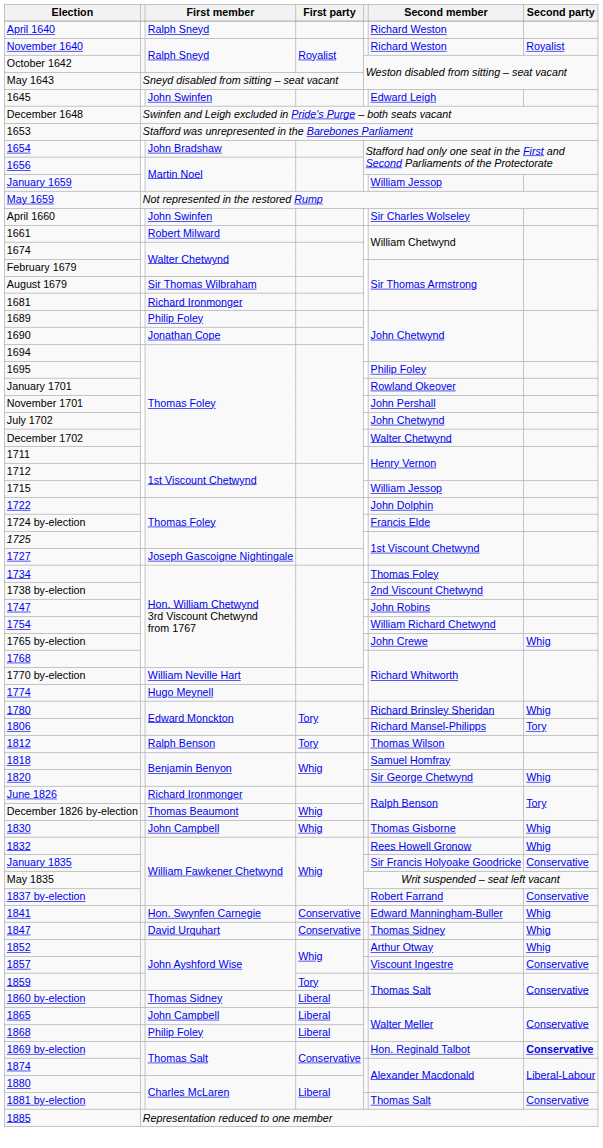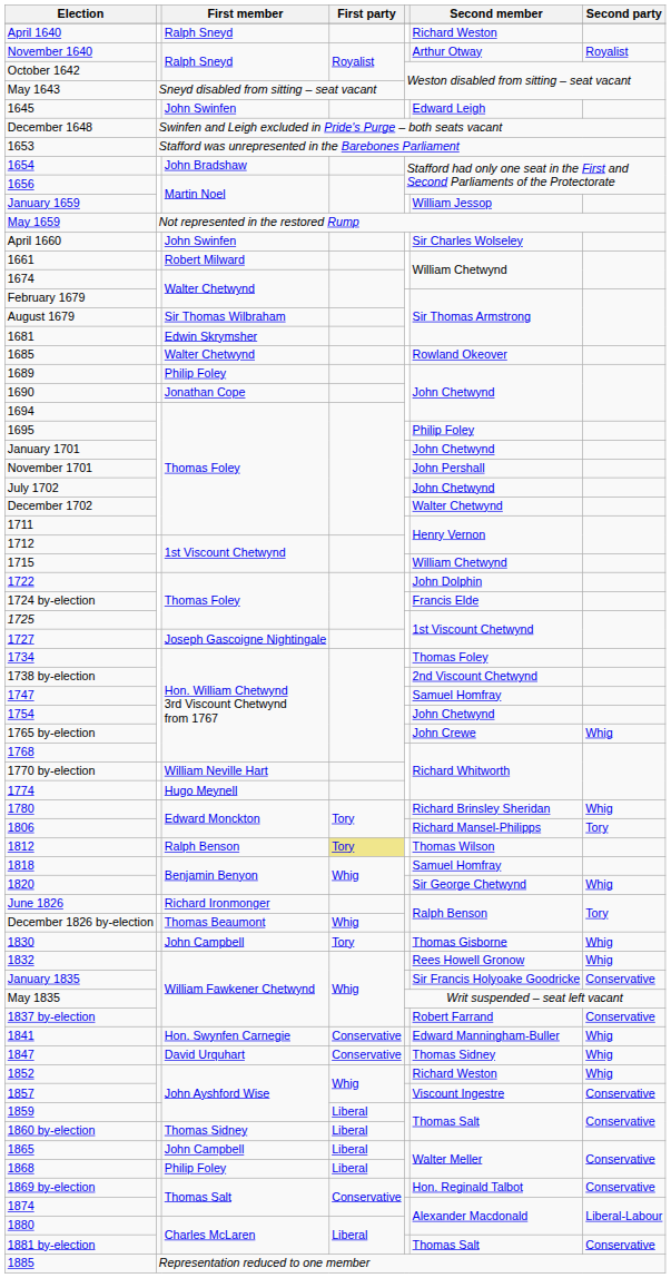 <table class="wikitable">
 <tr>
 <th>Election</th>
 <th></th>
 <th>First member</th>
 <th>First party</th>
 <th></th>
 <th>Second member</th>
 <th>Second party</th>
 </tr>
 <tr>
 </tr>
 <tr>
 <td><a href='#'>April 1640</a></td>
 <td style="color:inherit;background-color: white"></td>
 <td><a href='#'>Ralph Sneyd</a></td>
 <td></td>
 <td style="color:inherit;background-color: white"></td>
 <td><a href='#'>Richard Weston</a></td>
 <td></td>
 </tr>
 <tr>
 <td><a href='#'>November 1640</a></td>
 <td rowspan="2" style="color:inherit;background-color: "></td>
 <td rowspan="2"><a href='#'>Ralph Sneyd</a></td>
 <td rowspan="2"><a href='#'>Royalist</a></td>
 <td style="color:inherit;background-color: "></td>
-<td><a href='#'>Richard Weston</a></td>
+<td><a href='#'>Arthur Otway</a></td>
 <td><a href='#'>Royalist</a></td>
 </tr>
 <tr>
 <td>October 1642</td>
 <td colspan="3" rowspan="2"><em>Weston disabled from sitting – seat vacant</em></td>
 </tr>
 <tr>
 <td>May 1643</td>
 <td colspan="3"><em>Sneyd disabled from sitting – seat vacant</em></td>
 </tr>
 <tr>
 <td>1645</td>
 <td style="color:inherit;background-color: white"></td>
 <td><a href='#'>John Swinfen</a></td>
 <td></td>
 <td style="color:inherit;background-color: white"></td>
 <td><a href='#'>Edward Leigh</a></td>
 <td></td>
 </tr>
 <tr>
 <td>December 1648</td>
 <td colspan="6"><em>Swinfen and Leigh excluded in <a href='#'>Pride's Purge</a> – both seats vacant</em></td>
 </tr>
 <tr>
 <td>1653</td>
 <td colspan="6"><em>Stafford was unrepresented in the <a href='#'>Barebones Parliament</a></em></td>
 </tr>
 <tr>
 <td><a href='#'>1654</a></td>
 <td style="color:inherit;background-color: white"></td>
 <td><a href='#'>John Bradshaw</a></td>
 <td></td>
 <td rowspan="2" colspan="3"><em>Stafford had only one seat in the <a href='#'>First</a> and <br><a href='#'>Second</a> Parliaments of the Protectorate</em></td>
 </tr>
 <tr>
 <td><a href='#'>1656</a></td>
 <td rowspan="2" style="color:inherit;background-color: white"></td>
 <td rowspan="2"><a href='#'>Martin Noel</a></td>
 <td rowspan="2"></td>
 </tr>
 <tr>
 <td><a href='#'>January 1659</a></td>
 <td style="color:inherit;background-color: white"></td>
 <td><a href='#'>William Jessop</a></td>
 <td></td>
 </tr>
 <tr>
 <td><a href='#'>May 1659</a></td>
 <td colspan="6"><em>Not represented in the restored <a href='#'>Rump</a></em></td>
 </tr>
 <tr>
 <td>April 1660</td>
 <td style="color:inherit;background-color: white"></td>
 <td><a href='#'>John Swinfen</a></td>
 <td></td>
 <td style="color:inherit;background-color: white"></td>
 <td><a href='#'>Sir Charles Wolseley</a></td>
 <td></td>
 </tr>
 <tr>
 <td>1661</td>
 <td style="color:inherit;background-color: white"></td>
 <td><a href='#'>Robert Milward</a></td>
 <td></td>
 <td rowspan="2" style="color:inherit;background-color: white"></td>
 <td rowspan="2">William Chetwynd</td>
 <td rowspan="2"></td>
 </tr>
 <tr>
 <td>1674</td>
 <td rowspan="2" style="color:inherit;background-color: white"></td>
 <td rowspan="2"><a href='#'>Walter Chetwynd</a></td>
 <td rowspan="2"></td>
 </tr>
 <tr>
 <td>February 1679</td>
 <td rowspan="3" style="color:inherit;background-color: white"></td>
 <td rowspan="3"><a href='#'>Sir Thomas Armstrong</a></td>
 <td rowspan="3"></td>
 </tr>
 <tr>
 <td>August 1679</td>
 <td style="color:inherit;background-color: white"></td>
 <td><a href='#'>Sir Thomas Wilbraham</a></td>
 <td></td>
 </tr>
 <tr>
 <td>1681</td>
 <td style="color:inherit;background-color: white"></td>
-<td><a href='#'>Richard Ironmonger</a></td>
+<td><a href='#'>Edwin Skrymsher</a></td>
+<td></td>
+</tr>
+<tr>
+<td>1685</td>
+<td style="color:inherit;background-color: white"></td>
+<td><a href='#'>Walter Chetwynd</a></td>
+<td></td>
+<td style="color:inherit;background-color: white"></td>
+<td><a href='#'>Rowland Okeover</a></td>
 <td></td>
 </tr>
 <tr>
 <td>1689</td>
 <td style="color:inherit;background-color: white"></td>
 <td><a href='#'>Philip Foley</a></td>
 <td></td>
 <td rowspan="3" style="color:inherit;background-color: white"></td>
 <td rowspan="3"><a href='#'>John Chetwynd</a></td>
 <td rowspan="3"></td>
 </tr>
 <tr>
 <td>1690</td>
 <td style="color:inherit;background-color: white"></td>
 <td><a href='#'>Jonathan Cope</a></td>
 <td></td>
 </tr>
 <tr>
 <td>1694</td>
 <td rowspan="7" style="color:inherit;background-color: white"></td>
 <td rowspan="7"><a href='#'>Thomas Foley</a></td>
 <td rowspan="7"></td>
 </tr>
 <tr>
 <td>1695</td>
 <td style="color:inherit;background-color: white"></td>
 <td><a href='#'>Philip Foley</a></td>
 <td></td>
 </tr>
 <tr>
 <td>January 1701</td>
 <td style="color:inherit;background-color: white"></td>
-<td><a href='#'>Rowland Okeover</a></td>
+<td><a href='#'>John Chetwynd</a></td>
 <td></td>
 </tr>
 <tr>
 <td>November 1701</td>
 <td style="color:inherit;background-color: white"></td>
 <td><a href='#'>John Pershall</a></td>
 <td></td>
 </tr>
 <tr>
 <td>July 1702</td>
 <td style="color:inherit;background-color: white"></td>
 <td><a href='#'>John Chetwynd</a></td>
 <td></td>
 </tr>
 <tr>
 <td>December 1702</td>
 <td style="color:inherit;background-color: white"></td>
 <td><a href='#'>Walter Chetwynd</a></td>
 <td></td>
 </tr>
 <tr>
 <td>1711</td>
 <td rowspan="2" style="color:inherit;background-color: white"></td>
 <td rowspan="2"><a href='#'>Henry Vernon</a></td>
 <td rowspan="2"></td>
 </tr>
 <tr>
 <td>1712</td>
 <td rowspan="2" style="color:inherit;background-color: white"></td>
 <td rowspan="2"><a href='#'>1st Viscount Chetwynd</a></td>
 <td rowspan="2"></td>
 </tr>
 <tr>
 <td>1715</td>
 <td style="color:inherit;background-color: white"></td>
-<td><a href='#'>William Jessop</a></td>
+<td><a href='#'>William Chetwynd</a></td>
 <td></td>
 </tr>
 <tr>
 <td><a href='#'>1722</a></td>
 <td rowspan="3" style="color:inherit;background-color: white"></td>
 <td rowspan="3"><a href='#'>Thomas Foley</a></td>
 <td rowspan="3"></td>
 <td style="color:inherit;background-color: white"></td>
 <td><a href='#'>John Dolphin</a></td>
 <td></td>
 </tr>
 <tr>
 <td>1724 by-election</td>
 <td style="color:inherit;background-color: white"></td>
 <td><a href='#'>Francis Elde</a></td>
 <td></td>
 </tr>
 <tr>
 <td><em>1725</em></td>
 <td rowspan="2" style="color:inherit;background-color: white"></td>
 <td rowspan="2"><a href='#'>1st Viscount Chetwynd</a></td>
 <td rowspan="2"></td>
 </tr>
 <tr>
 <td><a href='#'>1727</a></td>
 <td style="color:inherit;background-color: white"></td>
 <td><a href='#'>Joseph Gascoigne Nightingale</a></td>
 <td></td>
 </tr>
 <tr>
 <td><a href='#'>1734</a></td>
 <td rowspan="6" style="color:inherit;background-color: white"></td>
 <td rowspan="6"><a href='#'>Hon. William Chetwynd</a> <br>3rd Viscount Chetwynd <br>from 1767</td>
 <td rowspan="6"></td>
 <td style="color:inherit;background-color: white"></td>
 <td><a href='#'>Thomas Foley</a></td>
 <td></td>
 </tr>
 <tr>
 <td>1738 by-election</td>
 <td style="color:inherit;background-color: white"></td>
 <td><a href='#'>2nd Viscount Chetwynd</a></td>
 <td></td>
 </tr>
 <tr>
 <td><a href='#'>1747</a></td>
 <td style="color:inherit;background-color: white"></td>
-<td><a href='#'>John Robins</a></td>
+<td><a href='#'>Samuel Homfray</a></td>
 <td></td>
 </tr>
 <tr>
 <td><a href='#'>1754</a></td>
 <td style="color:inherit;background-color: white"></td>
-<td><a href='#'>William Richard Chetwynd</a></td>
+<td><a href='#'>John Chetwynd</a></td>
 <td></td>
 </tr>
 <tr>
 <td>1765 by-election</td>
 <td style="color:inherit;background-color: "></td>
 <td><a href='#'>John Crewe</a></td>
 <td><a href='#'>Whig</a></td>
 </tr>
 <tr>
 <td><a href='#'>1768</a></td>
 <td rowspan="3" style="color:inherit;background-color: white"></td>
 <td rowspan="3"><a href='#'>Richard Whitworth</a></td>
 <td rowspan="3"></td>
 </tr>
 <tr>
 <td>1770 by-election</td>
 <td style="color:inherit;background-color: white"></td>
 <td><a href='#'>William Neville Hart</a></td>
 <td></td>
 </tr>
 <tr>
 <td><a href='#'>1774</a></td>
 <td style="color:inherit;background-color: white"></td>
 <td><a href='#'>Hugo Meynell</a></td>
 <td></td>
 </tr>
 <tr>
 <td><a href='#'>1780</a></td>
 <td rowspan="2" style="color:inherit;background-color: "></td>
 <td rowspan="2"><a href='#'>Edward Monckton</a></td>
 <td rowspan="2"><a href='#'>Tory</a></td>
 <td style="color:inherit;background-color: "></td>
 <td><a href='#'>Richard Brinsley Sheridan</a></td>
 <td><a href='#'>Whig</a></td>
 </tr>
 <tr>
 <td><a href='#'>1806</a></td>
 <td style="color:inherit;background-color: "></td>
 <td><a href='#'>Richard Mansel-Philipps</a></td>
 <td><a href='#'>Tory</a></td>
 </tr>
 <tr>
 <td><a href='#'>1812</a></td>
 <td style="color:inherit;background-color: "></td>
 <td><a href='#'>Ralph Benson</a></td>
-<td><a href='#'>Tory</a></td>
+<td style="background: khaki;"><a href='#'>Tory</a></td>
 <td style="color:inherit;background-color: white"></td>
 <td><a href='#'>Thomas Wilson</a></td>
 <td></td>
 </tr>
 <tr>
 <td><a href='#'>1818</a></td>
 <td rowspan="2" style="color:inherit;background-color: "></td>
 <td rowspan="2"><a href='#'>Benjamin Benyon</a></td>
 <td rowspan="2"><a href='#'>Whig</a></td>
 <td style="color:inherit;background-color: white"></td>
 <td><a href='#'>Samuel Homfray</a></td>
 <td></td>
 </tr>
 <tr>
 <td><a href='#'>1820</a></td>
 <td style="color:inherit;background-color: "></td>
 <td><a href='#'>Sir George Chetwynd</a></td>
 <td><a href='#'>Whig</a></td>
 </tr>
 <tr>
 <td><a href='#'>June 1826</a></td>
 <td style="color:inherit;background-color: white"></td>
 <td><a href='#'>Richard Ironmonger</a></td>
 <td></td>
 <td rowspan="2" style="color:inherit;background-color: "></td>
 <td rowspan="2"><a href='#'>Ralph Benson</a></td>
 <td rowspan="2"><a href='#'>Tory</a></td>
 </tr>
 <tr>
 <td>December 1826 by-election</td>
 <td style="color:inherit;background-color: "></td>
 <td><a href='#'>Thomas Beaumont</a></td>
 <td><a href='#'>Whig</a></td>
 </tr>
 <tr>
 <td><a href='#'>1830</a></td>
 <td style="color:inherit;background-color: "></td>
 <td><a href='#'>John Campbell</a></td>
-<td><a href='#'>Whig</a></td>
+<td><a href='#'>Tory</a></td>
 <td style="color:inherit;background-color: "></td>
 <td><a href='#'>Thomas Gisborne</a></td>
 <td><a href='#'>Whig</a></td>
 </tr>
 <tr>
 <td><a href='#'>1832</a></td>
 <td rowspan="4" style="color:inherit;background-color: "></td>
 <td rowspan="4"><a href='#'>William Fawkener Chetwynd</a></td>
 <td rowspan="4"><a href='#'>Whig</a></td>
 <td style="color:inherit;background-color: "></td>
 <td><a href='#'>Rees Howell Gronow</a></td>
 <td><a href='#'>Whig</a></td>
 </tr>
 <tr>
 <td><a href='#'>January 1835</a></td>
 <td style="color:inherit;background-color: "></td>
 <td><a href='#'>Sir Francis Holyoake Goodricke</a></td>
 <td><a href='#'>Conservative</a></td>
 </tr>
 <tr>
 <td>May 1835</td>
 <td colspan="3" align="center"><em>Writ suspended – seat left vacant</em></td>
 </tr>
 <tr>
 <td><a href='#'>1837 by-election</a></td>
 <td style="color:inherit;background-color: "></td>
 <td><a href='#'>Robert Farrand</a></td>
 <td><a href='#'>Conservative</a></td>
 </tr>
 <tr>
 <td><a href='#'>1841</a></td>
 <td style="color:inherit;background-color: "></td>
 <td><a href='#'>Hon. Swynfen Carnegie</a></td>
 <td><a href='#'>Conservative</a></td>
 <td style="color:inherit;background-color: "></td>
 <td><a href='#'>Edward Manningham-Buller</a></td>
 <td><a href='#'>Whig</a></td>
 </tr>
 <tr>
 <td><a href='#'>1847</a></td>
 <td style="color:inherit;background-color: "></td>
 <td><a href='#'>David Urquhart</a></td>
 <td><a href='#'>Conservative</a></td>
 <td style="color:inherit;background-color: "></td>
 <td><a href='#'>Thomas Sidney</a></td>
 <td><a href='#'>Whig</a></td>
 </tr>
 <tr>
 <td><a href='#'>1852</a></td>
 <td rowspan="2" style="color:inherit;background-color: "></td>
 <td rowspan="3"><a href='#'>John Ayshford Wise</a></td>
 <td rowspan="2"><a href='#'>Whig</a></td>
 <td style="color:inherit;background-color: "></td>
-<td><a href='#'>Arthur Otway</a></td>
+<td><a href='#'>Richard Weston</a></td>
 <td><a href='#'>Whig</a></td>
 </tr>
 <tr>
 <td><a href='#'>1857</a></td>
 <td style="color:inherit;background-color: "></td>
 <td><a href='#'>Viscount Ingestre</a></td>
 <td><a href='#'>Conservative</a></td>
 </tr>
 <tr>
 <td><a href='#'>1859</a></td>
 <td style="color:inherit;background-color: "></td>
-<td><a href='#'>Tory</a></td>
+<td><a href='#'>Liberal</a></td>
 <td rowspan="2" style="color:inherit;background-color: "></td>
 <td rowspan="2"><a href='#'>Thomas Salt</a></td>
 <td rowspan="2"><a href='#'>Conservative</a></td>
 </tr>
 <tr>
 <td><a href='#'>1860 by-election</a></td>
 <td style="color:inherit;background-color: "></td>
 <td><a href='#'>Thomas Sidney</a></td>
 <td><a href='#'>Liberal</a></td>
 </tr>
 <tr>
 <td><a href='#'>1865</a></td>
 <td style="color:inherit;background-color: "></td>
 <td><a href='#'>John Campbell</a></td>
 <td><a href='#'>Liberal</a></td>
 <td rowspan="2" style="color:inherit;background-color: "></td>
 <td rowspan="2"><a href='#'>Walter Meller</a></td>
 <td rowspan="2"><a href='#'>Conservative</a></td>
 </tr>
 <tr>
 <td><a href='#'>1868</a></td>
 <td style="color:inherit;background-color: "></td>
 <td><a href='#'>Philip Foley</a></td>
 <td><a href='#'>Liberal</a></td>
 </tr>
 <tr>
 <td><a href='#'>1869 by-election</a></td>
 <td rowspan="2" style="color:inherit;background-color: "></td>
 <td rowspan="2"><a href='#'>Thomas Salt</a></td>
 <td rowspan="2"><a href='#'>Conservative</a></td>
 <td style="color:inherit;background-color: "></td>
 <td><a href='#'>Hon. Reginald Talbot</a></td>
-<td><strong><a href='#'>Conservative</a></strong></td>
+<td><a href='#'>Conservative</a></td>
 </tr>
 <tr>
 <td><a href='#'>1874</a></td>
 <td rowspan="2" style="color:inherit;background-color: "></td>
 <td rowspan="2"><a href='#'>Alexander Macdonald</a></td>
 <td rowspan="2"><a href='#'>Liberal-Labour</a></td>
 </tr>
 <tr>
 <td><a href='#'>1880</a></td>
 <td rowspan="2" style="color:inherit;background-color: "></td>
 <td rowspan="2"><a href='#'>Charles McLaren</a></td>
 <td rowspan="2"><a href='#'>Liberal</a></td>
 </tr>
 <tr>
 <td><a href='#'>1881 by-election</a></td>
 <td style="color:inherit;background-color: "></td>
 <td><a href='#'>Thomas Salt</a></td>
 <td><a href='#'>Conservative</a></td>
 </tr>
 <tr>
 <td><a href='#'>1885</a></td>
 <td colspan="6"><em>Representation reduced to one member</em></td>
 </tr>
 </table>
